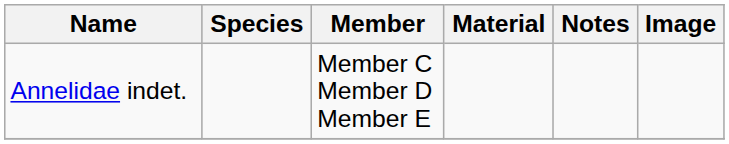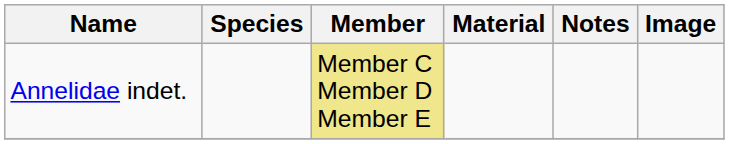 <table class="wikitable" align="center" width="75%">
 <tr>
 <th>Name</th>
 <th>Species</th>
 <th>Member</th>
 <th>Material</th>
 <th>Notes</th>
 <th>Image</th>
 </tr>
 <tr>
 <td><a href='#'>Annelidae</a> indet.</td>
 <td></td>
-<td>Member C<br>Member D<br>Member E</td>
+<td style="background: khaki;">Member C<br>Member D<br>Member E</td>
 <td></td>
 <td></td>
 <td></td>
 </tr>
 <tr>
 </tr>
 </table>
